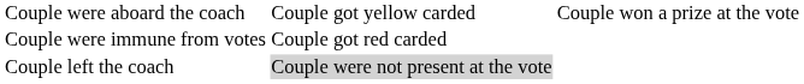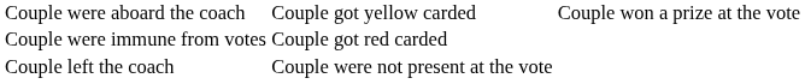 <table>
 <tr>
 <td> Couple were aboard the coach</td>
 <td> Couple got yellow carded</td>
 <td> Couple won a prize at the vote</td>
 </tr>
 <tr>
 <td> Couple were immune from votes</td>
 <td> Couple got red carded</td>
 </tr>
 <tr>
 <td> Couple left the coach</td>
-<td style="background: lightgrey;"> Couple were not present at the vote</td>
+<td> Couple were not present at the vote</td>
 </tr>
 </table>
